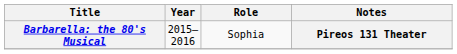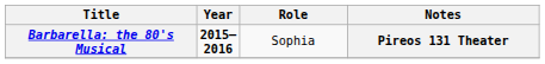 <table class="wikitable sortable plainrowheaders" style="text-align:center;">
 <tr>
 <th scope="col" style="width:200px;">Title</th>
 <th scope="col" style="width:5px;;">Year</th>
 <th scope="col" style="width:110px;">Role</th>
 <th scope="col" style="width:200px;" class="unsortable">Notes</th>
 </tr>
 <tr>
 <th scope="row"><em><a href='#'>Barbarella: the 80's Musical</a></em></th>
-<td>2015–2016</td>
+<td><strong>2015–2016</strong></td>
 <td>Sophia</td>
 <th scope="row">Pireos 131 Theater</th>
 </tr>
 <tr>
 </tr>
 </table>
